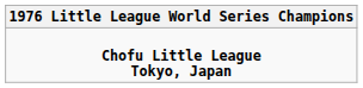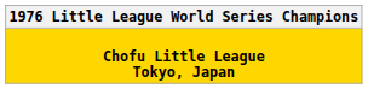 <table class="wikitable" style="text-align: center; margin: 0 auto;">
 <tr>
 <th>1976 Little League World Series Champions</th>
 </tr>
 <tr>
-<td><br><strong>Chofu Little League</strong><br><strong>Tokyo, Japan</strong></td>
+<td style="background: gold;"><br><strong>Chofu Little League</strong><br><strong>Tokyo, Japan</strong></td>
 </tr>
 </table>
